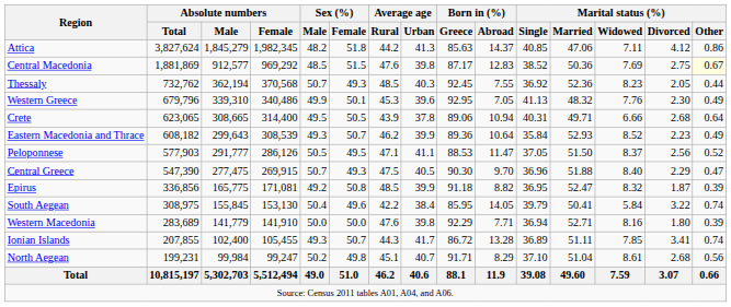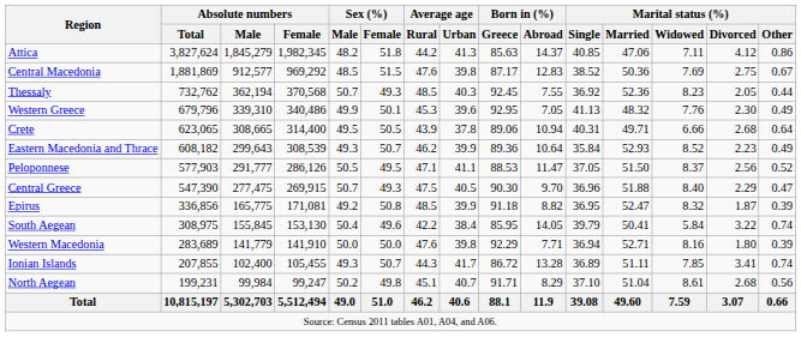 <table class="wikitable sortable" style="text-align:right">
 <tr>
 <th rowspan="2">Region</th>
 <th colspan="3">Absolute numbers</th>
 <th colspan="2">Sex (%)</th>
 <th colspan="2">Average age</th>
 <th colspan="2">Born in (%)</th>
 <th colspan="5">Marital status (%)</th>
 </tr>
 <tr>
 <th>Total</th>
 <th>Male</th>
 <th>Female</th>
 <th>Male</th>
 <th>Female</th>
 <th>Rural</th>
 <th>Urban</th>
 <th>Greece</th>
 <th>Abroad</th>
 <th>Single</th>
 <th>Married</th>
 <th>Widowed</th>
 <th>Divorced</th>
 <th>Other</th>
 </tr>
 <tr>
 <td align="left"><a href='#'>Attica</a></td>
 <td>3,827,624</td>
 <td>1,845,279</td>
 <td>1,982,345</td>
 <td>48.2</td>
 <td>51.8</td>
 <td>44.2</td>
 <td>41.3</td>
 <td>85.63</td>
 <td>14.37</td>
 <td>40.85</td>
 <td>47.06</td>
 <td>7.11</td>
 <td>4.12</td>
 <td>0.86</td>
 </tr>
 <tr>
 <td align="left"><a href='#'>Central Macedonia</a></td>
 <td>1,881,869</td>
 <td>912,577</td>
 <td>969,292</td>
 <td>48.5</td>
 <td>51.5</td>
 <td>47.6</td>
 <td>39.8</td>
 <td>87.17</td>
 <td>12.83</td>
 <td>38.52</td>
 <td>50.36</td>
 <td>7.69</td>
 <td>2.75</td>
-<td style="background: lightyellow;">0.67</td>
+<td>0.67</td>
 </tr>
 <tr>
 <td align="left"><a href='#'>Thessaly</a></td>
 <td>732,762</td>
 <td>362,194</td>
 <td>370,568</td>
 <td>50.7</td>
 <td>49.3</td>
 <td>48.5</td>
 <td>40.3</td>
 <td>92.45</td>
 <td>7.55</td>
 <td>36.92</td>
 <td>52.36</td>
 <td>8.23</td>
 <td>2.05</td>
 <td>0.44</td>
 </tr>
 <tr>
 <td align="left"><a href='#'>Western Greece</a></td>
 <td>679,796</td>
 <td>339,310</td>
 <td>340,486</td>
 <td>49.9</td>
 <td>50.1</td>
 <td>45.3</td>
 <td>39.6</td>
 <td>92.95</td>
 <td>7.05</td>
 <td>41.13</td>
 <td>48.32</td>
 <td>7.76</td>
 <td>2.30</td>
 <td>0.49</td>
 </tr>
 <tr>
 <td align="left"><a href='#'>Crete</a></td>
 <td>623,065</td>
 <td>308,665</td>
 <td>314,400</td>
 <td>49.5</td>
 <td>50.5</td>
 <td>43.9</td>
 <td>37.8</td>
 <td>89.06</td>
 <td>10.94</td>
 <td>40.31</td>
 <td>49.71</td>
 <td>6.66</td>
 <td>2.68</td>
 <td>0.64</td>
 </tr>
 <tr>
 <td align="left"><a href='#'>Eastern Macedonia and Thrace</a></td>
 <td>608,182</td>
 <td>299,643</td>
 <td>308,539</td>
 <td>49.3</td>
 <td>50.7</td>
 <td>46.2</td>
 <td>39.9</td>
 <td>89.36</td>
 <td>10.64</td>
 <td>35.84</td>
 <td>52.93</td>
 <td>8.52</td>
 <td>2.23</td>
 <td>0.49</td>
 </tr>
 <tr>
 <td align="left"><a href='#'>Peloponnese</a></td>
 <td>577,903</td>
 <td>291,777</td>
 <td>286,126</td>
 <td>50.5</td>
 <td>49.5</td>
 <td>47.1</td>
 <td>41.1</td>
 <td>88.53</td>
 <td>11.47</td>
 <td>37.05</td>
 <td>51.50</td>
 <td>8.37</td>
 <td>2.56</td>
 <td>0.52</td>
 </tr>
 <tr>
 <td align="left"><a href='#'>Central Greece</a></td>
 <td>547,390</td>
 <td>277,475</td>
 <td>269,915</td>
 <td>50.7</td>
 <td>49.3</td>
 <td>47.5</td>
 <td>40.5</td>
 <td>90.30</td>
 <td>9.70</td>
 <td>36.96</td>
 <td>51.88</td>
 <td>8.40</td>
 <td>2.29</td>
 <td>0.47</td>
 </tr>
 <tr>
 <td align="left"><a href='#'>Epirus</a></td>
 <td>336,856</td>
 <td>165,775</td>
 <td>171,081</td>
 <td>49.2</td>
 <td>50.8</td>
 <td>48.5</td>
 <td>39.9</td>
 <td>91.18</td>
 <td>8.82</td>
 <td>36.95</td>
 <td>52.47</td>
 <td>8.32</td>
 <td>1.87</td>
 <td>0.39</td>
 </tr>
 <tr>
 <td align="left"><a href='#'>South Aegean</a></td>
 <td>308,975</td>
 <td>155,845</td>
 <td>153,130</td>
 <td>50.4</td>
 <td>49.6</td>
 <td>42.2</td>
 <td>38.4</td>
 <td>85.95</td>
 <td>14.05</td>
 <td>39.79</td>
 <td>50.41</td>
 <td>5.84</td>
 <td>3.22</td>
 <td>0.74</td>
 </tr>
 <tr>
 <td align="left"><a href='#'>Western Macedonia</a></td>
 <td>283,689</td>
 <td>141,779</td>
 <td>141,910</td>
 <td>50.0</td>
 <td>50.0</td>
 <td>47.6</td>
 <td>39.8</td>
 <td>92.29</td>
 <td>7.71</td>
 <td>36.94</td>
 <td>52.71</td>
 <td>8.16</td>
 <td>1.80</td>
 <td>0.39</td>
 </tr>
 <tr>
 <td align="left"><a href='#'>Ionian Islands</a></td>
 <td>207,855</td>
 <td>102,400</td>
 <td>105,455</td>
 <td>49.3</td>
 <td>50.7</td>
 <td>44.3</td>
 <td>41.7</td>
 <td>86.72</td>
 <td>13.28</td>
 <td>36.89</td>
 <td>51.11</td>
 <td>7.85</td>
 <td>3.41</td>
 <td>0.74</td>
 </tr>
 <tr>
 <td align="left"><a href='#'>North Aegean</a></td>
 <td>199,231</td>
 <td>99,984</td>
 <td>99,247</td>
 <td>50.2</td>
 <td>49.8</td>
 <td>45.1</td>
 <td>40.7</td>
 <td>91.71</td>
 <td>8.29</td>
 <td>37.10</td>
 <td>51.04</td>
 <td>8.61</td>
 <td>2.68</td>
 <td>0.56</td>
 </tr>
 <tr>
 <th>Total</th>
 <th>10,815,197</th>
 <th>5,302,703</th>
 <th>5,512,494</th>
 <th>49.0</th>
 <th>51.0</th>
 <th>46.2</th>
 <th>40.6</th>
 <th>88.1</th>
 <th>11.9</th>
 <th>39.08</th>
 <th>49.60</th>
 <th>7.59</th>
 <th>3.07</th>
 <th>0.66</th>
 </tr>
 <tr>
 <td colspan="15" align="center"><small>Source: Census 2011 tables A01, A04, and A06.</small></td>
 </tr>
 </table>
